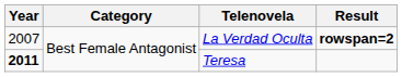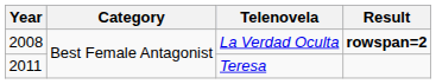 <table class="wikitable">
 <tr style="background:#b0c4de;">
 <th>Year</th>
 <th>Category</th>
 <th>Telenovela</th>
 <th>Result</th>
 </tr>
 <tr>
-<td>2007</td>
+<td>2008</td>
 <td rowspan=2>Best Female Antagonist</td>
 <td><em><a href='#'>La Verdad Oculta</a></em></td>
 <td><strong>rowspan=2 </strong></td>
 </tr>
 <tr>
-<td><strong>2011</strong></td>
+<td>2011</td>
 <td><em><a href='#'>Teresa</a></em></td>
 </tr>
 </table>
